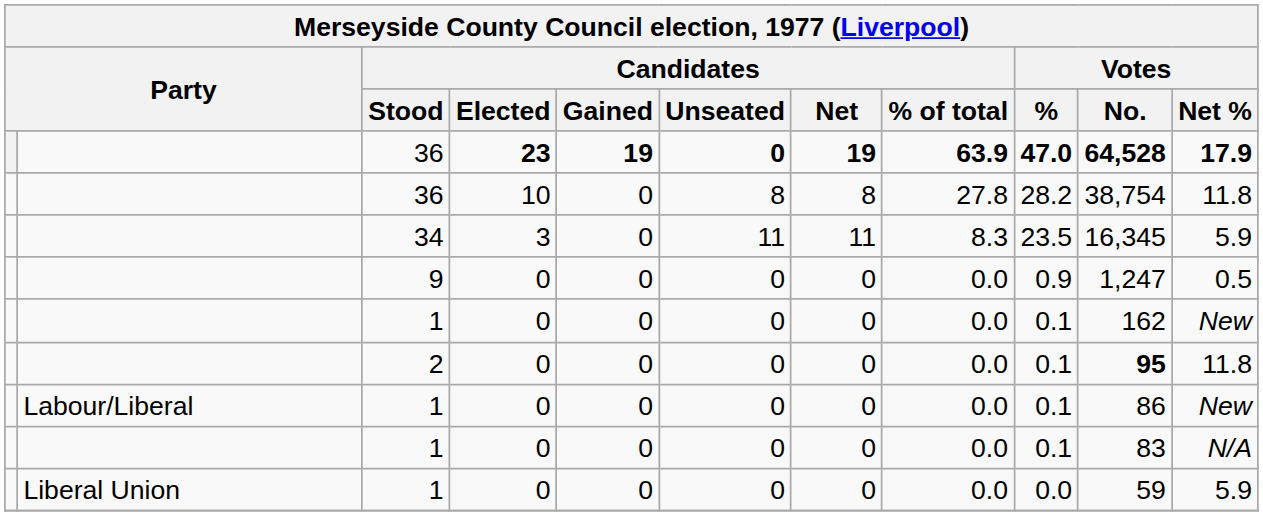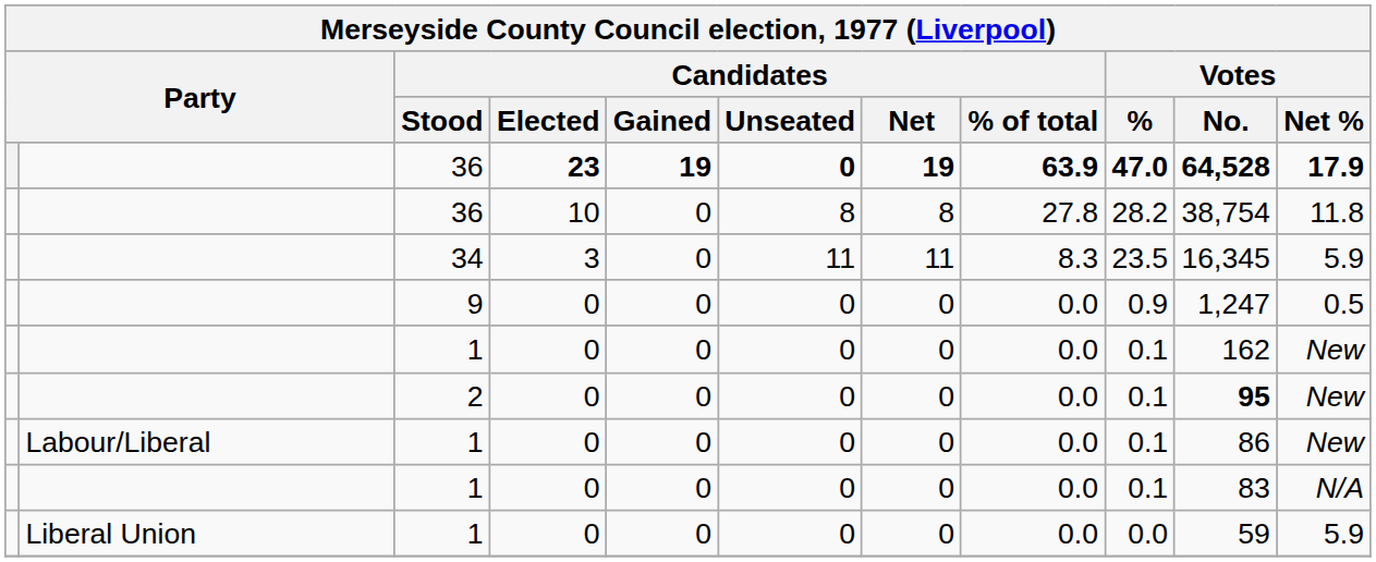 <table class="wikitable" style="font-size:95%">
 <tr>
 <th colspan="16" style="background-color:#f2f2f2">Merseyside County Council election, 1977 (<a href='#'>Liverpool</a>)</th>
 </tr>
 <tr style="vertical-align:center;">
 <th colspan="2" rowspan="2">Party</th>
 <th colspan="6" style="width: 30px">Candidates</th>
 <th colspan="5" style="width: 30px">Votes</th>
 </tr>
 <tr>
 <th>Stood</th>
 <th>Elected</th>
 <th>Gained</th>
 <th>Unseated</th>
 <th style="width: 45px">Net</th>
 <th>% of total</th>
 <th>%</th>
 <th>No.</th>
 <th>Net %</th>
 </tr>
 <tr>
 <th style="background-color: "></th>
 <td style="width: 190px"><a href='#'></a></td>
 <td style="text-align:right; ">36</td>
 <td style="text-align:right; "><strong>23</strong></td>
 <td style="text-align:right; "><strong>19</strong></td>
 <td style="text-align:right; "><strong>0</strong></td>
 <td style="text-align:right; "><span><strong>19</strong></span></td>
 <td style="text-align:right; "><strong>63.9</strong></td>
 <td style="text-align:right; "><strong>47.0</strong></td>
 <td style="text-align:right; "><strong>64,528</strong></td>
 <td style="text-align:right; "><span><strong>17.9</strong></span></td>
 </tr>
 <tr>
 <td style="background-color: "></td>
 <td style="width: 190px"><a href='#'></a></td>
 <td style="text-align:right; ">36</td>
 <td style="text-align:right; ">10</td>
 <td style="text-align:right; ">0</td>
 <td style="text-align:right; ">8</td>
 <td style="text-align:right; "><span>8</span></td>
 <td style="text-align:right; ">27.8</td>
 <td style="text-align:right; ">28.2</td>
 <td style="text-align:right; ">38,754</td>
 <td style="text-align:right; "><span>11.8</span></td>
 </tr>
 <tr>
 <td style="background-color: "></td>
 <td style="width: 190px"><a href='#'></a></td>
 <td style="text-align:right; ">34</td>
 <td style="text-align:right; ">3</td>
 <td style="text-align:right; ">0</td>
 <td style="text-align:right; ">11</td>
 <td style="text-align:right; "><span>11</span></td>
 <td style="text-align:right; ">8.3</td>
 <td style="text-align:right; ">23.5</td>
 <td style="text-align:right; ">16,345</td>
 <td style="text-align:right; "><span>5.9</span></td>
 </tr>
 <tr>
 <td style="background-color: "></td>
 <td style="width: 190px"><a href='#'></a></td>
 <td style="text-align:right; ">9</td>
 <td style="text-align:right; ">0</td>
 <td style="text-align:right; ">0</td>
 <td style="text-align:right; ">0</td>
 <td style="text-align:right; ">0</td>
 <td style="text-align:right; ">0.0</td>
 <td style="text-align:right; ">0.9</td>
 <td style="text-align:right; ">1,247</td>
 <td style="text-align:right; "><span>0.5</span></td>
 </tr>
 <tr>
 <td style="background-color: "></td>
 <td style="width: 190px"><a href='#'></a></td>
 <td style="text-align:right; ">1</td>
 <td style="text-align:right; ">0</td>
 <td style="text-align:right; ">0</td>
 <td style="text-align:right; ">0</td>
 <td style="text-align:right; ">0</td>
 <td style="text-align:right; ">0.0</td>
 <td style="text-align:right; ">0.1</td>
 <td style="text-align:right; ">162</td>
 <td style="text-align:right; "><em>New</em></td>
 </tr>
 <tr>
 <td style="background-color: "></td>
 <td style="width: 190px"><a href='#'></a></td>
 <td style="text-align:right; ">2</td>
 <td style="text-align:right; ">0</td>
 <td style="text-align:right; ">0</td>
 <td style="text-align:right; ">0</td>
 <td style="text-align:right; ">0</td>
 <td style="text-align:right; ">0.0</td>
 <td style="text-align:right; ">0.1</td>
 <td style="text-align:right; "><strong>95</strong></td>
-<td style="text-align:right; "><span>11.8</span></td>
+<td style="text-align:right; "><em>New</em></td>
 </tr>
 <tr>
 <td style="background-color: "></td>
 <td style="width: 190px">Labour/Liberal</td>
 <td style="text-align:right; ">1</td>
 <td style="text-align:right; ">0</td>
 <td style="text-align:right; ">0</td>
 <td style="text-align:right; ">0</td>
 <td style="text-align:right; ">0</td>
 <td style="text-align:right; ">0.0</td>
 <td style="text-align:right; ">0.1</td>
 <td style="text-align:right; ">86</td>
 <td style="text-align:right; "><em>New</em></td>
 </tr>
 <tr>
 <td style="background-color: "></td>
 <td style="width: 190px"><a href='#'></a></td>
 <td style="text-align:right; ">1</td>
 <td style="text-align:right; ">0</td>
 <td style="text-align:right; ">0</td>
 <td style="text-align:right; ">0</td>
 <td style="text-align:right; ">0</td>
 <td style="text-align:right; ">0.0</td>
 <td style="text-align:right; ">0.1</td>
 <td style="text-align:right; ">83</td>
 <td style="text-align:right; "><em>N/A</em></td>
 </tr>
 <tr>
 <td style="background-color: "></td>
 <td style="width: 190px">Liberal Union</td>
 <td style="text-align:right; ">1</td>
 <td style="text-align:right; ">0</td>
 <td style="text-align:right; ">0</td>
 <td style="text-align:right; ">0</td>
 <td style="text-align:right; ">0</td>
 <td style="text-align:right; ">0.0</td>
 <td style="text-align:right; ">0.0</td>
 <td style="text-align:right; ">59</td>
 <td style="text-align:right; "><span>5.9</span></td>
 </tr>
 <tr>
 </tr>
 </table>
